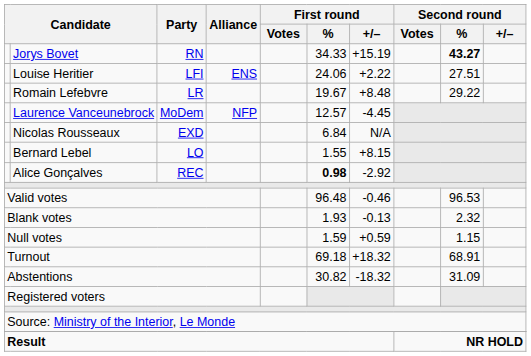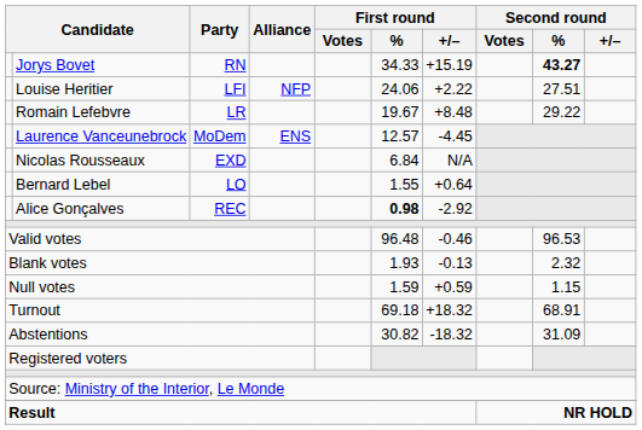 <table class="wikitable" style="text-align:right;font-size:95%;">
 <tr>
 <th rowspan="2" colspan="2">Candidate</th>
 <th rowspan="2">Party</th>
 <th rowspan="2">Alliance</th>
 <th colspan="3">First round</th>
 <th colspan="3">Second round</th>
 </tr>
 <tr>
 <th style="width:50px;">Votes</th>
 <th style="width:45px;">%</th>
 <th style="width:45px;">+/–</th>
 <th style="width:50px;">Votes</th>
 <th style="width:45px;">%</th>
 <th style="width:45px;">+/–</th>
 </tr>
 <tr>
 <td style="color:inherit;background:"></td>
 <td style="text-align:left;"><a href='#'>Jorys Bovet</a></td>
 <td><a href='#'>RN</a></td>
 <td></td>
 <td></td>
 <td>34.33</td>
 <td>+15.19</td>
 <td><strong></strong></td>
 <td><strong>43.27</strong></td>
 <td></td>
 </tr>
 <tr>
 <td style="color:inherit;background:"></td>
 <td style="text-align:left;">Louise Heritier</td>
 <td><a href='#'>LFI</a></td>
-<td><a href='#'>ENS</a></td>
+<td><a href='#'>NFP</a></td>
 <td></td>
 <td>24.06</td>
 <td>+2.22</td>
 <td></td>
 <td>27.51</td>
 <td></td>
 </tr>
 <tr>
 <td style="color:inherit;background:"></td>
 <td style="text-align:left;">Romain Lefebvre</td>
 <td><a href='#'>LR</a></td>
 <td></td>
 <td></td>
 <td>19.67</td>
 <td>+8.48</td>
 <td></td>
 <td>29.22</td>
 <td></td>
 </tr>
 <tr>
 <td style="color:inherit;background:"></td>
 <td style="text-align:left;"><a href='#'>Laurence Vanceunebrock</a></td>
 <td><a href='#'>MoDem</a></td>
-<td><a href='#'>NFP</a></td>
+<td><a href='#'>ENS</a></td>
 <td></td>
 <td>12.57</td>
 <td>-4.45</td>
 <td colspan="3" style="background:#E9E9E9;"></td>
 </tr>
 <tr>
 <td style="color:inherit;background:"></td>
 <td style="text-align:left;">Nicolas Rousseaux</td>
 <td><a href='#'>EXD</a></td>
 <td></td>
 <td></td>
 <td>6.84</td>
 <td>N/A</td>
 <td colspan="3" style="background:#E9E9E9;"></td>
 </tr>
 <tr>
 <td style="color:inherit;background:"></td>
 <td style="text-align:left;">Bernard Lebel</td>
 <td><a href='#'>LO</a></td>
 <td></td>
 <td></td>
 <td>1.55</td>
-<td>+8.15</td>
+<td>+0.64</td>
 <td colspan="3" style="background:#E9E9E9;"></td>
 </tr>
 <tr>
 <td style="color:inherit;background:"></td>
 <td style="text-align:left;">Alice Gonçalves</td>
 <td><a href='#'>REC</a></td>
 <td></td>
 <td></td>
 <td><strong>0.98</strong></td>
 <td>-2.92</td>
 <td colspan="3" style="background:#E9E9E9;"></td>
 </tr>
 <tr>
 <td colspan="10" style="background:#E9E9E9;"></td>
 </tr>
 <tr>
 <td colspan="4" style="text-align:left;">Valid votes</td>
 <td></td>
 <td>96.48</td>
 <td>-0.46</td>
 <td></td>
 <td>96.53</td>
 <td></td>
 </tr>
 <tr>
 <td colspan="4" style="text-align:left;">Blank votes</td>
 <td></td>
 <td>1.93</td>
 <td>-0.13</td>
 <td></td>
 <td>2.32</td>
 <td></td>
 </tr>
 <tr>
 <td colspan="4" style="text-align:left;">Null votes</td>
 <td></td>
 <td>1.59</td>
 <td>+0.59</td>
 <td></td>
 <td>1.15</td>
 <td></td>
 </tr>
 <tr>
 <td colspan="4" style="text-align:left;">Turnout</td>
 <td></td>
 <td>69.18</td>
 <td>+18.32</td>
 <td></td>
 <td>68.91</td>
 <td></td>
 </tr>
 <tr>
 <td colspan="4" style="text-align:left;">Abstentions</td>
 <td></td>
 <td>30.82</td>
 <td>-18.32</td>
 <td></td>
 <td>31.09</td>
 <td></td>
 </tr>
 <tr>
 <td colspan="4" style="text-align:left;">Registered voters</td>
 <td></td>
 <td colspan="2" style="background:#E9E9E9;"></td>
 <td></td>
 <td colspan="2" style="background:#E9E9E9;"></td>
 </tr>
 <tr>
 <td colspan="10" style="background:#E9E9E9;"></td>
 </tr>
 <tr>
 <td colspan="10" style="text-align:left;">Source: <a href='#'>Ministry of the Interior</a>, <a href='#'>Le Monde</a></td>
 </tr>
 <tr>
 </tr>
 <tr style="font-weight:bold">
 <td colspan="7" style="text-align:left;">Result</td>
 <td colspan="7" style="background-color:">NR HOLD</td>
 </tr>
 </table>
